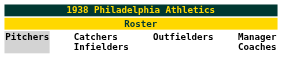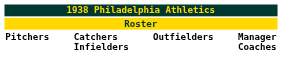 <table class="toccolours" style="font-size: 95%;">
 <tr>
 <th colspan="10" style="background-color: #003831; color: #FFD800; text-align: center;">1938 Philadelphia Athletics</th>
 </tr>
 <tr>
 <td colspan="10" style="background-color: #FFD800; color: #003831; text-align: center;"><strong>Roster</strong></td>
 </tr>
 <tr>
-<td valign="top" style="background: lightgrey;"><strong>Pitchers</strong><br>            </td>
+<td valign="top"><strong>Pitchers</strong><br>            </td>
 <td width="25px"></td>
 <td valign="top"><strong>Catchers</strong><br>    <strong>Infielders</strong>            </td>
 <td width="25px"></td>
 <td valign="top"><strong>Outfielders</strong><br>     </td>
 <td width="25px"></td>
 <td valign="top"><strong>Manager</strong><br> <strong>Coaches</strong>   </td>
 </tr>
 </table>
